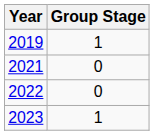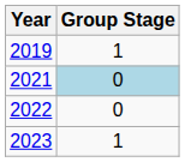 <table class="wikitable" style="text-align: center">
 <tr>
 <th>Year</th>
 <th>Group Stage</th>
 </tr>
 <tr>
 <td><a href='#'>2019</a></td>
 <td>1</td>
 </tr>
 <tr>
 <td><a href='#'>2021</a></td>
-<td>0</td>
+<td style="background: lightblue;">0</td>
 </tr>
 <tr>
 <td><a href='#'>2022</a></td>
 <td>0</td>
 </tr>
 <tr>
 <td><a href='#'>2023</a></td>
 <td>1</td>
 </tr>
 </table>
